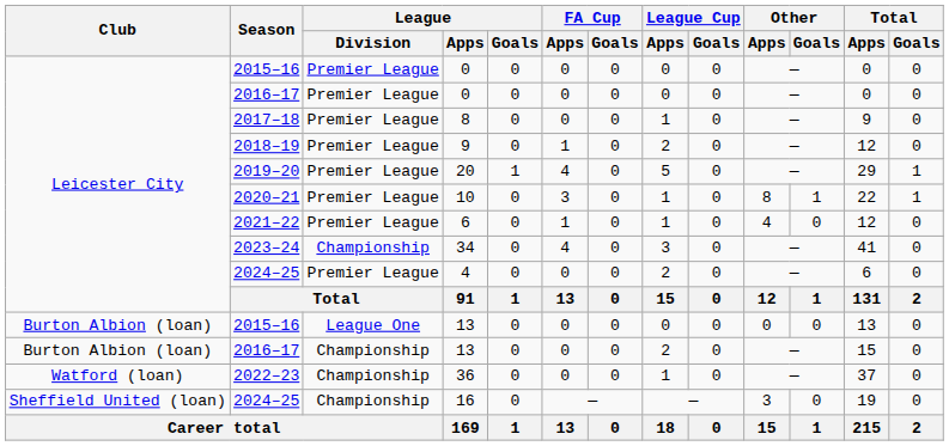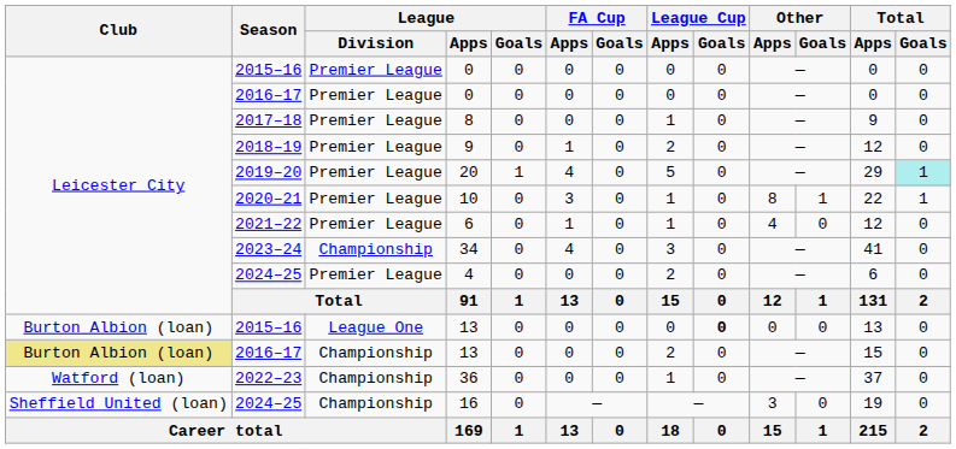 <table class="wikitable" style="text-align: center;">
 <tr>
 <th rowspan="2">Club</th>
 <th rowspan="2">Season</th>
 <th colspan="3">League</th>
 <th colspan="2"><a href='#'>FA Cup</a></th>
 <th colspan="2"><a href='#'>League Cup</a></th>
 <th colspan="2">Other</th>
 <th colspan="2">Total</th>
 </tr>
 <tr>
 <th>Division</th>
 <th>Apps</th>
 <th>Goals</th>
 <th>Apps</th>
 <th>Goals</th>
 <th>Apps</th>
 <th>Goals</th>
 <th>Apps</th>
 <th>Goals</th>
 <th>Apps</th>
 <th>Goals</th>
 </tr>
 <tr>
 <td rowspan="10"><a href='#'>Leicester City</a></td>
 <td><a href='#'>2015–16</a></td>
 <td><a href='#'>Premier League</a></td>
 <td>0</td>
 <td>0</td>
 <td>0</td>
 <td>0</td>
 <td>0</td>
 <td>0</td>
 <td colspan="2">—</td>
 <td>0</td>
 <td>0</td>
 </tr>
 <tr>
 <td><a href='#'>2016–17</a></td>
 <td>Premier League</td>
 <td>0</td>
 <td>0</td>
 <td>0</td>
 <td>0</td>
 <td>0</td>
 <td>0</td>
 <td colspan="2">—</td>
 <td>0</td>
 <td>0</td>
 </tr>
 <tr>
 <td><a href='#'>2017–18</a></td>
 <td>Premier League</td>
 <td>8</td>
 <td>0</td>
 <td>0</td>
 <td>0</td>
 <td>1</td>
 <td>0</td>
 <td colspan="2">—</td>
 <td>9</td>
 <td>0</td>
 </tr>
 <tr>
 <td><a href='#'>2018–19</a></td>
 <td>Premier League</td>
 <td>9</td>
 <td>0</td>
 <td>1</td>
 <td>0</td>
 <td>2</td>
 <td>0</td>
 <td colspan="2">—</td>
 <td>12</td>
 <td>0</td>
 </tr>
 <tr>
 <td><a href='#'>2019–20</a></td>
 <td>Premier League</td>
 <td>20</td>
 <td>1</td>
 <td>4</td>
 <td>0</td>
 <td>5</td>
 <td>0</td>
 <td colspan="2">—</td>
 <td>29</td>
-<td>1</td>
+<td style="background: paleturquoise;">1</td>
 </tr>
 <tr>
 <td><a href='#'>2020–21</a></td>
 <td>Premier League</td>
 <td>10</td>
 <td>0</td>
 <td>3</td>
 <td>0</td>
 <td>1</td>
 <td>0</td>
 <td>8</td>
 <td>1</td>
 <td>22</td>
 <td>1</td>
 </tr>
 <tr>
 <td><a href='#'>2021–22</a></td>
 <td>Premier League</td>
 <td>6</td>
 <td>0</td>
 <td>1</td>
 <td>0</td>
 <td>1</td>
 <td>0</td>
 <td>4</td>
 <td>0</td>
 <td>12</td>
 <td>0</td>
 </tr>
 <tr>
 <td><a href='#'>2023–24</a></td>
 <td><a href='#'>Championship</a></td>
 <td>34</td>
 <td>0</td>
 <td>4</td>
 <td>0</td>
 <td>3</td>
 <td>0</td>
 <td colspan="2">—</td>
 <td>41</td>
 <td>0</td>
 </tr>
 <tr>
 <td><a href='#'>2024–25</a></td>
 <td>Premier League</td>
 <td>4</td>
 <td>0</td>
 <td>0</td>
 <td>0</td>
 <td>2</td>
 <td>0</td>
 <td colspan="2">—</td>
 <td>6</td>
 <td>0</td>
 </tr>
 <tr>
 <th colspan="2">Total</th>
 <th>91</th>
 <th>1</th>
 <th>13</th>
 <th>0</th>
 <th>15</th>
 <th>0</th>
 <th>12</th>
 <th>1</th>
 <th>131</th>
 <th>2</th>
 </tr>
 <tr>
 <td><a href='#'>Burton Albion</a> (loan)</td>
 <td><a href='#'>2015–16</a></td>
 <td><a href='#'>League One</a></td>
 <td>13</td>
 <td>0</td>
 <td>0</td>
 <td>0</td>
 <td>0</td>
-<td>0</td>
+<td><strong>0</strong></td>
 <td>0</td>
 <td>0</td>
 <td>13</td>
 <td>0</td>
 </tr>
 <tr>
-<td>Burton Albion (loan)</td>
+<td style="background: khaki;">Burton Albion (loan)</td>
 <td><a href='#'>2016–17</a></td>
 <td>Championship</td>
 <td>13</td>
 <td>0</td>
 <td>0</td>
 <td>0</td>
 <td>2</td>
 <td>0</td>
 <td colspan="2">—</td>
 <td>15</td>
 <td>0</td>
 </tr>
 <tr>
 <td><a href='#'>Watford</a> (loan)</td>
 <td><a href='#'>2022–23</a></td>
 <td>Championship</td>
 <td>36</td>
 <td>0</td>
 <td>0</td>
 <td>0</td>
 <td>1</td>
 <td>0</td>
 <td colspan="2">—</td>
 <td>37</td>
 <td>0</td>
 </tr>
 <tr>
 <td><a href='#'>Sheffield United</a> (loan)</td>
 <td><a href='#'>2024–25</a></td>
 <td>Championship</td>
 <td>16</td>
 <td>0</td>
 <td colspan="2">—</td>
 <td colspan="2">—</td>
 <td>3</td>
 <td>0</td>
 <td>19</td>
 <td>0</td>
 </tr>
 <tr>
 <th colspan="3">Career total</th>
 <th>169</th>
 <th>1</th>
 <th>13</th>
 <th>0</th>
 <th>18</th>
 <th>0</th>
 <th>15</th>
 <th>1</th>
 <th>215</th>
 <th>2</th>
 </tr>
 </table>
